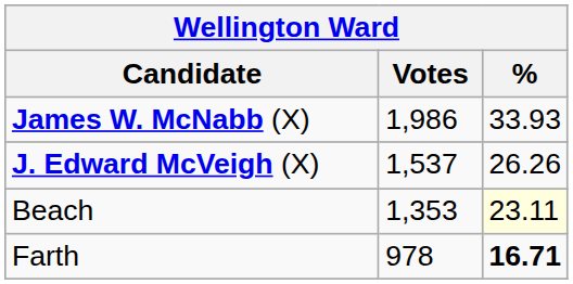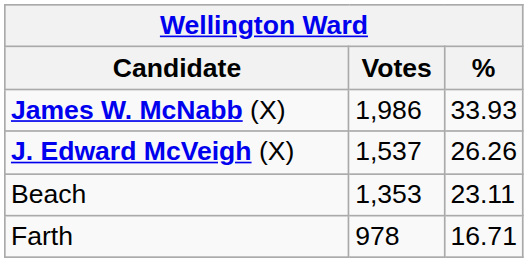 <table class="wikitable">
 <tr>
 <th colspan="3"><a href='#'>Wellington Ward</a></th>
 </tr>
 <tr>
 <th style="width: 200px">Candidate</th>
 <th style="width: 50px">Votes</th>
 <th style="width: 40px">%</th>
 </tr>
 <tr>
 <td><strong><a href='#'>James W. McNabb</a></strong> (X)</td>
 <td>1,986</td>
 <td>33.93</td>
 </tr>
 <tr>
 <td><strong><a href='#'>J. Edward McVeigh</a></strong> (X)</td>
 <td>1,537</td>
 <td>26.26</td>
 </tr>
 <tr>
 <td>Beach</td>
 <td>1,353</td>
-<td style="background: lightyellow;">23.11</td>
+<td>23.11</td>
 </tr>
 <tr>
 <td>Farth</td>
 <td>978</td>
-<td><strong>16.71</strong></td>
+<td>16.71</td>
 </tr>
 </table>
